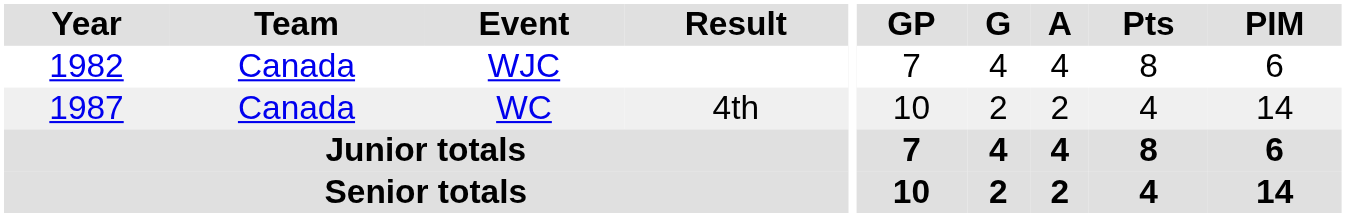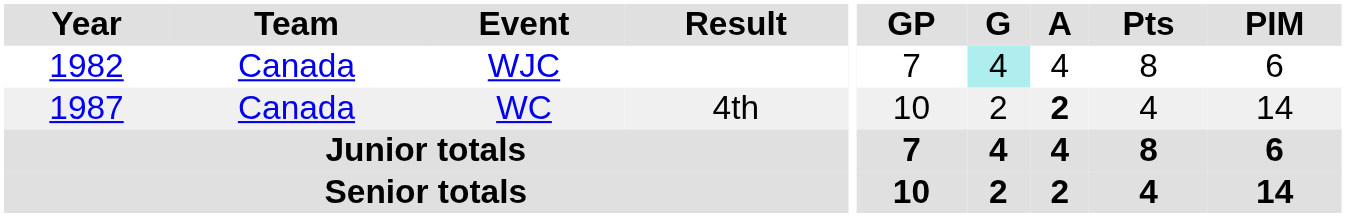 <table border="0" cellpadding="1" cellspacing="0" ID="Table3" style="text-align:center; width:40em">
 <tr ALIGN="center" bgcolor="#e0e0e0">
 <th>Year</th>
 <th>Team</th>
 <th>Event</th>
 <th>Result</th>
 <th rowspan="99" bgcolor="#ffffff"></th>
 <th>GP</th>
 <th>G</th>
 <th>A</th>
 <th>Pts</th>
 <th>PIM</th>
 </tr>
 <tr style="text-align:center;">
 <td><a href='#'>1982</a></td>
 <td><a href='#'>Canada</a></td>
 <td><a href='#'>WJC</a></td>
 <td></td>
 <td>7</td>
-<td>4</td>
+<td style="background: paleturquoise;">4</td>
 <td>4</td>
 <td>8</td>
 <td>6</td>
 </tr>
 <tr style="text-align:center; background:#f0f0f0;">
 <td><a href='#'>1987</a></td>
 <td><a href='#'>Canada</a></td>
 <td><a href='#'>WC</a></td>
 <td>4th</td>
 <td>10</td>
 <td>2</td>
-<td>2</td>
+<td><strong>2</strong></td>
 <td>4</td>
 <td>14</td>
 </tr>
 <tr style="text-align:center; background:#e0e0e0;">
 <th colspan=4>Junior totals</th>
 <th>7</th>
 <th>4</th>
 <th>4</th>
 <th>8</th>
 <th>6</th>
 </tr>
 <tr style="text-align:center; background:#e0e0e0;">
 <th colspan=4>Senior totals</th>
 <th>10</th>
 <th>2</th>
 <th>2</th>
 <th>4</th>
 <th>14</th>
 </tr>
 </table>
